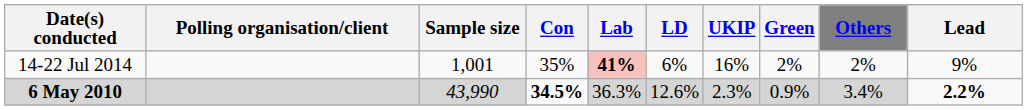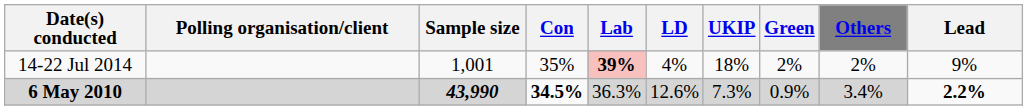 <table class="wikitable sortable" style="text-align:center;font-size:90%;line-height:14px">
 <tr>
 <th ! style="width:100px;">Date(s)<br>conducted</th>
 <th style="width:200px;">Polling organisation/client</th>
 <th class="unsortable" style="width:75px;">Sample size</th>
 <th class="unsortable" style="background:"><a href='#'><span>Con</span></a></th>
 <th class="unsortable" style="background:"><a href='#'><span>Lab</span></a></th>
 <th class="unsortable" style="background:"><a href='#'><span>LD</span></a></th>
 <th class="unsortable" style="background:"><a href='#'><span>UKIP</span></a></th>
 <th class="unsortable" style="background:"><a href='#'><span>Green</span></a></th>
 <th class="unsortable" style="background:gray; width:60px;"><a href='#'><span>Others</span></a></th>
 <th class="unsortable" style="width:80px;">Lead</th>
 </tr>
 <tr>
 <td>14-22 Jul 2014</td>
 <td></td>
 <td>1,001</td>
 <td>35%</td>
-<td style="background:#F8C1BE"><strong>41%</strong></td>
-<td>6%</td>
-<td>16%</td>
+<td style="background:#F8C1BE"><strong>39%</strong></td>
+<td>4%</td>
+<td>18%</td>
 <td>2%</td>
 <td>2%</td>
 <td style="background:">9%</td>
 </tr>
 <tr>
 <td style="background:#D5D5D5"><strong>6 May 2010</strong></td>
 <td style="background:#D5D5D5"></td>
-<td style="background:#D5D5D5"><em>43,990</em></td>
+<td style="background:#D5D5D5"><strong><em>43,990</em></strong></td>
 <td style="background:"><strong>34.5%</strong></td>
 <td style="background:#D5D5D5">36.3%</td>
 <td style="background:#D5D5D5">12.6%</td>
-<td style="background:#D5D5D5">2.3%</td>
+<td style="background:#D5D5D5">7.3%</td>
 <td style="background:#D5D5D5">0.9%</td>
 <td style="background:#D5D5D5">3.4%</td>
 <td style="background:"><strong>2.2% </strong></td>
 </tr>
 </table>
